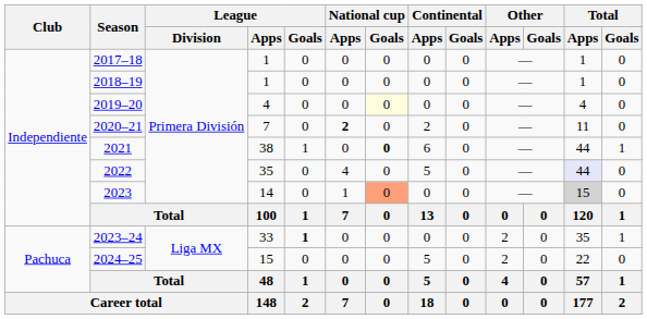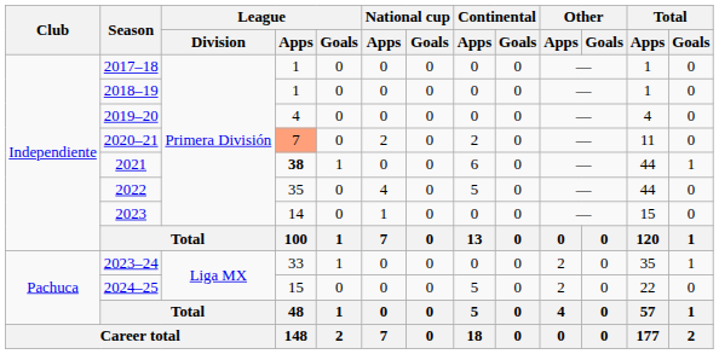 <table class="wikitable" style="text-align:center">
 <tr>
 <th rowspan="2">Club</th>
 <th rowspan="2">Season</th>
 <th colspan="3">League</th>
 <th colspan="2">National cup</th>
 <th colspan="2">Continental</th>
 <th colspan="2">Other</th>
 <th colspan="2">Total</th>
 </tr>
 <tr>
 <th>Division</th>
 <th>Apps</th>
 <th>Goals</th>
 <th>Apps</th>
 <th>Goals</th>
 <th>Apps</th>
 <th>Goals</th>
 <th>Apps</th>
 <th>Goals</th>
 <th>Apps</th>
 <th>Goals</th>
 </tr>
 <tr>
 <td rowspan="8"><a href='#'>Independiente</a></td>
 <td><a href='#'>2017–18</a></td>
 <td rowspan="7"><a href='#'>Primera División</a></td>
 <td>1</td>
 <td>0</td>
 <td>0</td>
 <td>0</td>
 <td>0</td>
 <td>0</td>
 <td colspan="2">—</td>
 <td>1</td>
 <td>0</td>
 </tr>
 <tr>
 <td><a href='#'>2018–19</a></td>
 <td>1</td>
 <td>0</td>
 <td>0</td>
 <td>0</td>
 <td>0</td>
 <td>0</td>
 <td colspan="2">—</td>
 <td>1</td>
 <td>0</td>
 </tr>
 <tr>
 <td><a href='#'>2019–20</a></td>
 <td>4</td>
 <td>0</td>
 <td>0</td>
-<td style="background: lightyellow;">0</td>
+<td>0</td>
 <td>0</td>
 <td>0</td>
 <td colspan="2">—</td>
 <td>4</td>
 <td>0</td>
 </tr>
 <tr>
 <td><a href='#'>2020–21</a></td>
-<td>7</td>
+<td style="background: lightsalmon;">7</td>
 <td>0</td>
-<td><strong>2</strong></td>
+<td>2</td>
 <td>0</td>
 <td>2</td>
 <td>0</td>
 <td colspan="2">—</td>
 <td>11</td>
 <td>0</td>
 </tr>
 <tr>
 <td><a href='#'>2021</a></td>
-<td>38</td>
+<td><strong>38</strong></td>
 <td>1</td>
 <td>0</td>
-<td><strong>0</strong></td>
+<td>0</td>
 <td>6</td>
 <td>0</td>
 <td colspan="2">—</td>
 <td>44</td>
 <td>1</td>
 </tr>
 <tr>
 <td><a href='#'>2022</a></td>
 <td>35</td>
 <td>0</td>
 <td>4</td>
 <td>0</td>
 <td>5</td>
 <td>0</td>
 <td colspan="2">—</td>
-<td style="background: lavender;">44</td>
+<td>44</td>
 <td>0</td>
 </tr>
 <tr>
 <td><a href='#'>2023</a></td>
 <td>14</td>
 <td>0</td>
 <td>1</td>
-<td style="background: lightsalmon;">0</td>
+<td>0</td>
 <td>0</td>
 <td>0</td>
 <td colspan="2">—</td>
-<td style="background: lightgrey;">15</td>
+<td>15</td>
 <td>0</td>
 </tr>
 <tr>
 <th colspan="2">Total</th>
 <th>100</th>
 <th>1</th>
 <th>7</th>
 <th>0</th>
 <th>13</th>
 <th>0</th>
 <th>0</th>
 <th>0</th>
 <th>120</th>
 <th>1</th>
 </tr>
 <tr>
 <td rowspan="3"><a href='#'>Pachuca</a></td>
 <td><a href='#'>2023–24</a></td>
 <td rowspan="2"><a href='#'>Liga MX</a></td>
 <td>33</td>
-<td><strong>1</strong></td>
+<td>1</td>
 <td>0</td>
 <td>0</td>
 <td>0</td>
 <td>0</td>
 <td>2</td>
 <td>0</td>
 <td>35</td>
 <td>1</td>
 </tr>
 <tr>
 <td><a href='#'>2024–25</a></td>
 <td>15</td>
 <td>0</td>
 <td>0</td>
 <td>0</td>
 <td>5</td>
 <td>0</td>
 <td>2</td>
 <td>0</td>
 <td>22</td>
 <td>0</td>
 </tr>
 <tr>
 <th colspan="2">Total</th>
 <th>48</th>
 <th>1</th>
 <th>0</th>
 <th>0</th>
 <th>5</th>
 <th>0</th>
 <th>4</th>
 <th>0</th>
 <th>57</th>
 <th>1</th>
 </tr>
 <tr>
 <th colspan="3">Career total</th>
 <th>148</th>
 <th>2</th>
 <th>7</th>
 <th>0</th>
 <th>18</th>
 <th>0</th>
 <th>0</th>
 <th>0</th>
 <th>177</th>
 <th>2</th>
 </tr>
 </table>
